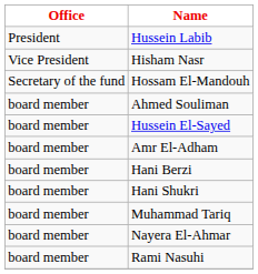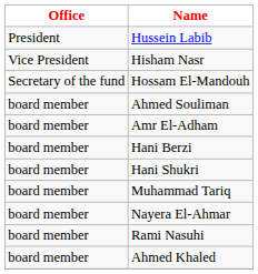 <table class="wikitable">
 <tr>
 <th style="background:#FFFFFF; color:#E00; ">Office</th>
 <th style="background:#FFFFFF; color:#E00; ">Name</th>
 </tr>
 <tr>
 <td>President</td>
 <td> <a href='#'>Hussein Labib</a></td>
 </tr>
 <tr>
 <td>Vice President</td>
 <td> Hisham Nasr</td>
 </tr>
 <tr>
 <td>Secretary of the fund</td>
 <td> Hossam El-Mandouh</td>
 </tr>
 <tr>
 <td>board member</td>
 <td> Ahmed Souliman</td>
-</tr>
-<tr>
-<td>board member</td>
-<td> <a href='#'>Hussein El-Sayed</a></td>
 </tr>
 <tr>
 <td>board member</td>
 <td> Amr El-Adham</td>
 </tr>
 <tr>
 <td>board member</td>
 <td> Hani Berzi</td>
 </tr>
 <tr>
 <td>board member</td>
 <td> Hani Shukri</td>
 </tr>
 <tr>
 <td>board member</td>
 <td> Muhammad Tariq</td>
 </tr>
 <tr>
 <td>board member</td>
 <td> Nayera El-Ahmar</td>
 </tr>
 <tr>
 <td>board member</td>
 <td> Rami Nasuhi</td>
 </tr>
 <tr>
+<td>board member</td>
+<td> Ahmed Khaled</td>
+</tr>
+<tr>
 </tr>
 </table>
